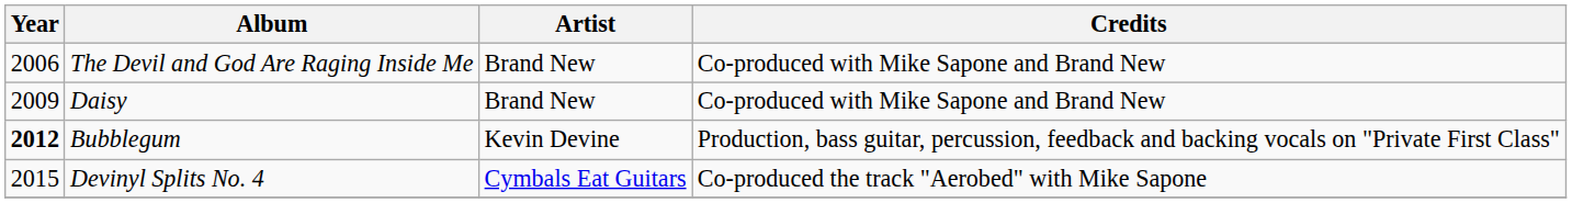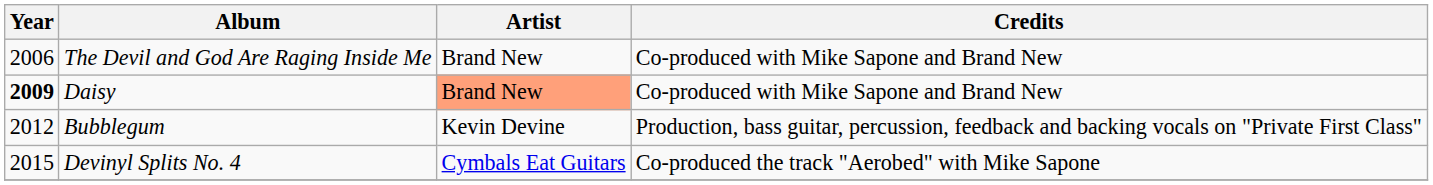 <table class="wikitable">
 <tr>
 <th>Year</th>
 <th>Album</th>
 <th>Artist</th>
 <th>Credits</th>
 </tr>
 <tr>
 <td>2006</td>
 <td><em>The Devil and God Are Raging Inside Me</em></td>
 <td>Brand New</td>
 <td>Co-produced with Mike Sapone and Brand New</td>
 </tr>
 <tr>
-<td>2009</td>
+<td><strong>2009</strong></td>
 <td><em>Daisy</em></td>
-<td>Brand New</td>
+<td style="background: lightsalmon;">Brand New</td>
 <td>Co-produced with Mike Sapone and Brand New</td>
 </tr>
 <tr>
-<td><strong>2012</strong></td>
+<td>2012</td>
 <td><em>Bubblegum</em></td>
 <td>Kevin Devine</td>
 <td>Production, bass guitar, percussion, feedback and backing vocals on "Private First Class"</td>
 </tr>
 <tr>
 <td>2015</td>
 <td><em>Devinyl Splits No. 4</em></td>
 <td><a href='#'>Cymbals Eat Guitars</a></td>
 <td>Co-produced the track "Aerobed" with Mike Sapone</td>
 </tr>
 <tr>
 </tr>
 </table>
